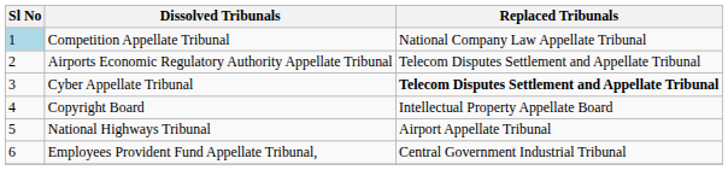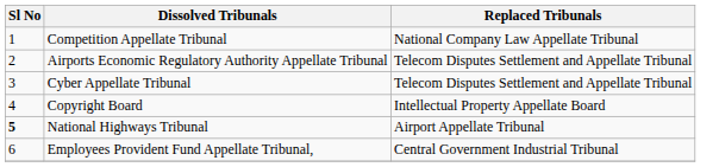 <table class="wikitable sortable">
 <tr>
 <th>Sl No</th>
 <th>Dissolved Tribunals</th>
 <th>Replaced Tribunals</th>
 </tr>
 <tr>
-<td style="background: lightblue;">1</td>
+<td>1</td>
 <td>Competition Appellate Tribunal</td>
 <td>National Company Law Appellate Tribunal</td>
 </tr>
 <tr>
 <td>2</td>
 <td>Airports Economic Regulatory Authority Appellate Tribunal</td>
 <td>Telecom Disputes Settlement and Appellate Tribunal</td>
 </tr>
 <tr>
 <td>3</td>
 <td>Cyber Appellate Tribunal</td>
-<td><strong>Telecom Disputes Settlement and Appellate Tribunal</strong></td>
+<td>Telecom Disputes Settlement and Appellate Tribunal</td>
 </tr>
 <tr>
 <td>4</td>
 <td>Copyright Board</td>
 <td>Intellectual Property Appellate Board</td>
 </tr>
 <tr>
-<td>5</td>
+<td><strong>5</strong></td>
 <td>National Highways Tribunal</td>
 <td>Airport Appellate Tribunal</td>
 </tr>
 <tr>
 <td>6</td>
 <td>Employees Provident Fund Appellate Tribunal,</td>
 <td>Central Government Industrial Tribunal</td>
 </tr>
 <tr>
 </tr>
 </table>
